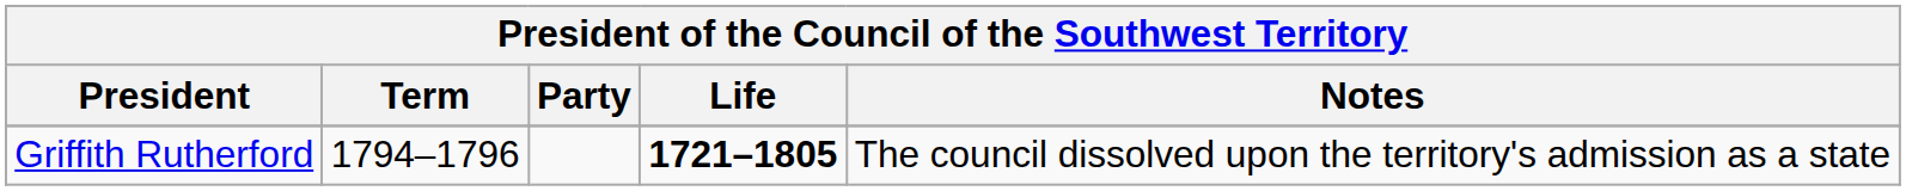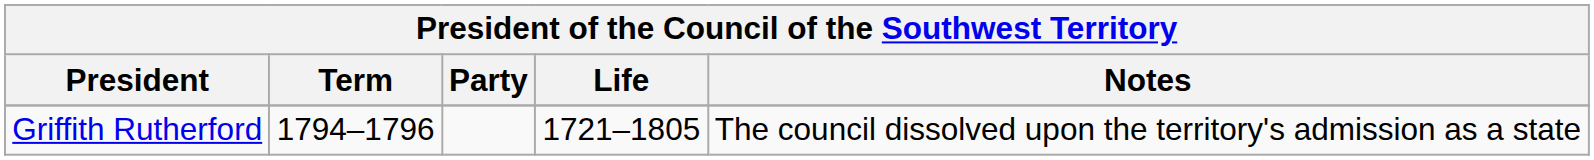 <table class="wikitable">
 <tr>
 <th colspan="5">President of the Council of the <a href='#'>Southwest Territory</a></th>
 </tr>
 <tr>
 <th>President</th>
 <th>Term</th>
 <th>Party</th>
 <th>Life</th>
 <th>Notes</th>
 </tr>
 <tr>
 </tr>
 <tr bgcolor="">
 <td><a href='#'>Griffith Rutherford</a></td>
 <td>1794–1796</td>
 <td></td>
-<td><strong>1721–1805</strong></td>
+<td>1721–1805</td>
 <td>The council dissolved upon the territory's admission as a state</td>
 </tr>
 </table>
